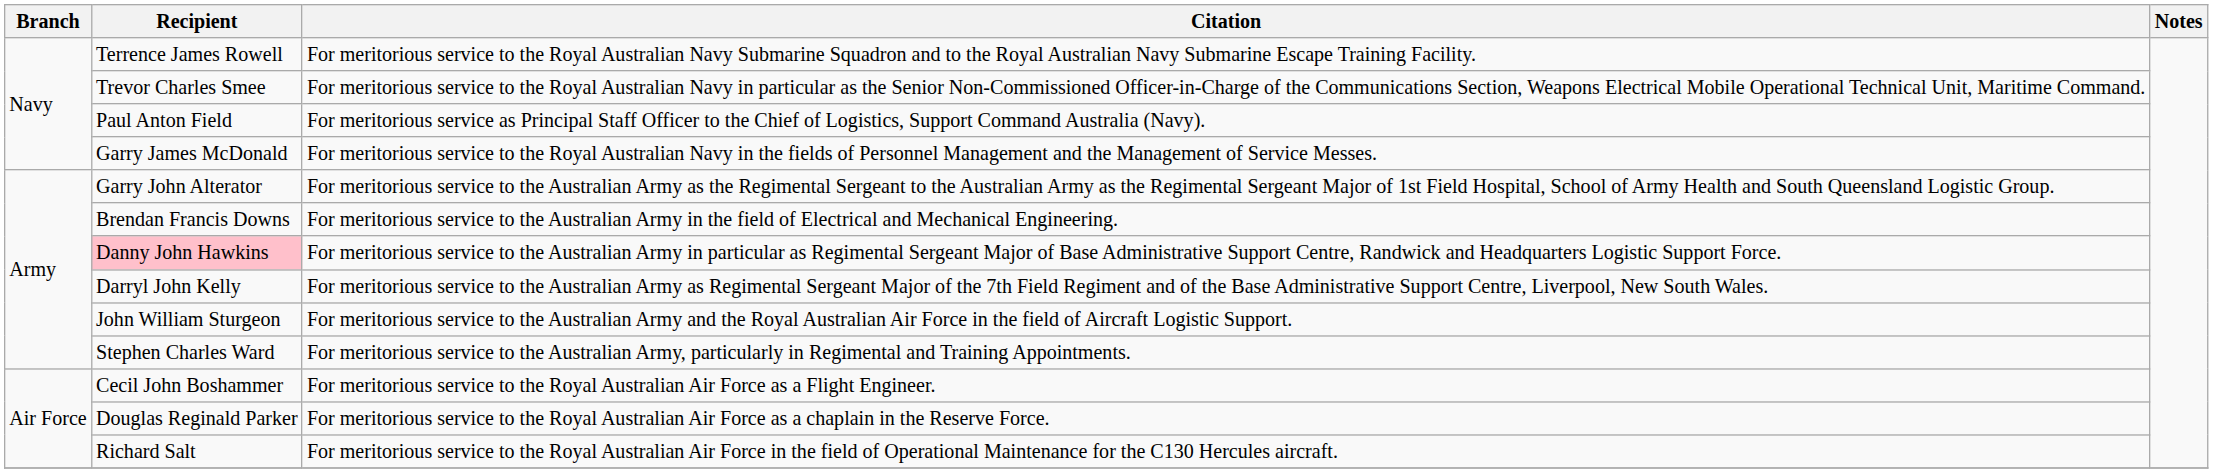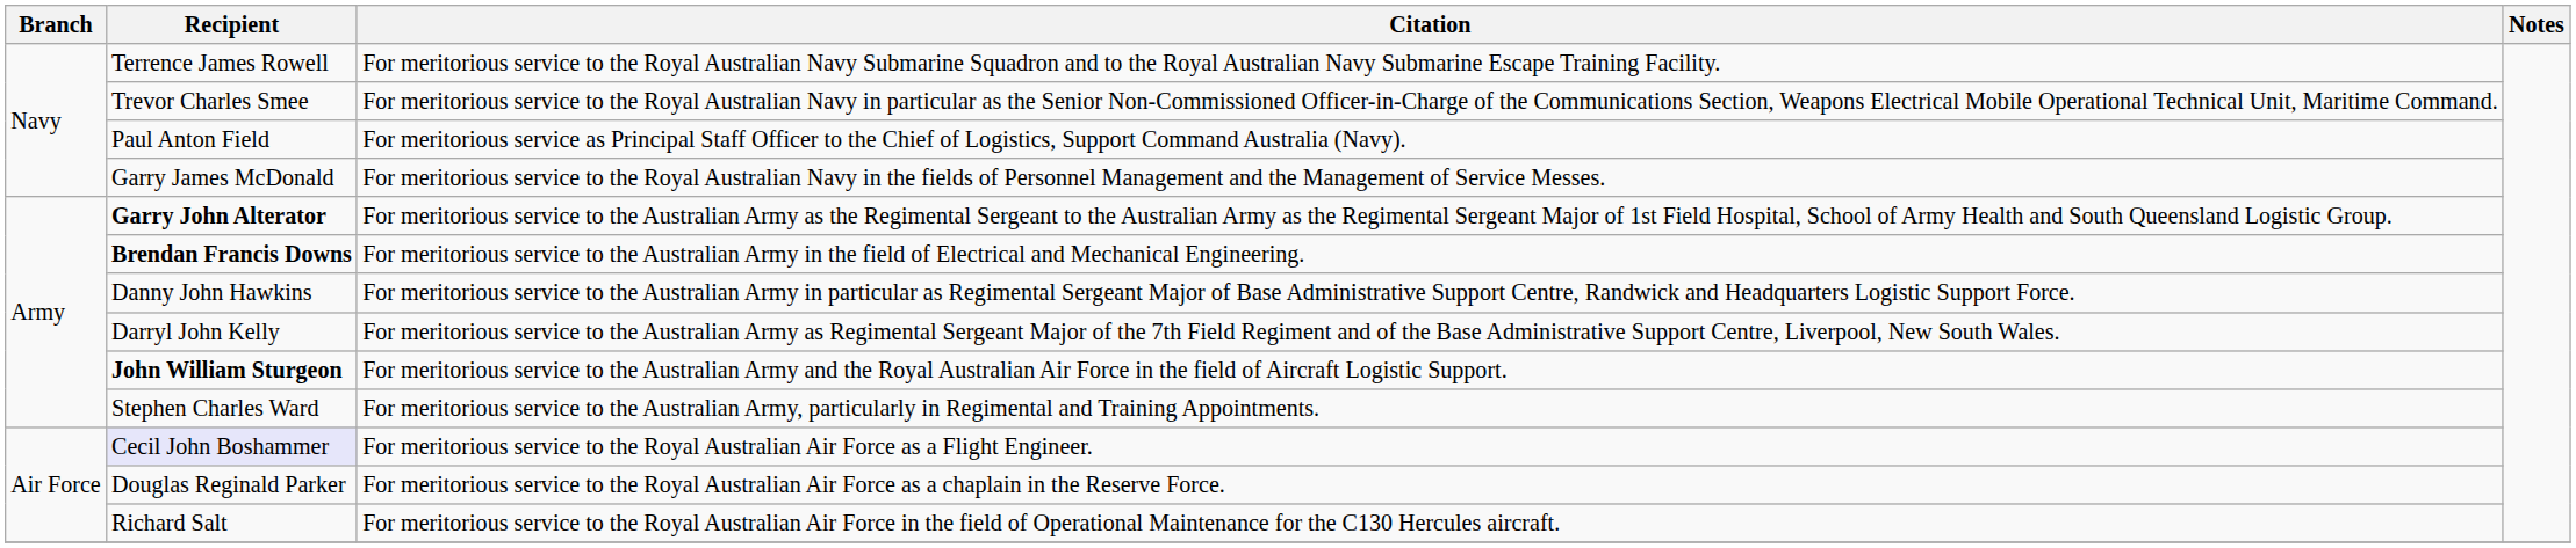 <table class="wikitable" style="font-size:95%;">
 <tr>
 <th>Branch</th>
 <th>Recipient</th>
 <th>Citation</th>
 <th>Notes</th>
 </tr>
 <tr>
 <td rowspan=4>Navy</td>
 <td> Terrence James Rowell</td>
 <td>For meritorious service to the Royal Australian Navy Submarine Squadron and to the Royal Australian Navy Submarine Escape Training Facility.</td>
 <td rowspan=13></td>
 </tr>
 <tr>
 <td> Trevor Charles Smee</td>
 <td>For meritorious service to the Royal Australian Navy in particular as the Senior Non-Commissioned Officer-in-Charge of the Communications Section, Weapons Electrical Mobile Operational Technical Unit, Maritime Command.</td>
 </tr>
 <tr>
 <td> Paul Anton Field</td>
 <td>For meritorious service as Principal Staff Officer to the Chief of Logistics, Support Command Australia (Navy).</td>
 </tr>
 <tr>
 <td> Garry James McDonald</td>
 <td>For meritorious service to the Royal Australian Navy in the fields of Personnel Management and the Management of Service Messes.</td>
 </tr>
 <tr>
 <td rowspan=6>Army</td>
-<td> Garry John Alterator</td>
+<td><strong> Garry John Alterator</strong></td>
 <td>For meritorious service to the Australian Army as the Regimental Sergeant to the Australian Army as the Regimental Sergeant Major of 1st Field Hospital, School of Army Health and South Queensland Logistic Group.</td>
 </tr>
 <tr>
-<td> Brendan Francis Downs</td>
+<td><strong> Brendan Francis Downs</strong></td>
 <td>For meritorious service to the Australian Army in the field of Electrical and Mechanical Engineering.</td>
 </tr>
 <tr>
-<td style="background: pink;"> Danny John Hawkins</td>
+<td> Danny John Hawkins</td>
 <td>For meritorious service to the Australian Army in particular as Regimental Sergeant Major of Base Administrative Support Centre, Randwick and Headquarters Logistic Support Force.</td>
 </tr>
 <tr>
 <td> Darryl John Kelly</td>
 <td>For meritorious service to the Australian Army as Regimental Sergeant Major of the 7th Field Regiment and of the Base Administrative Support Centre, Liverpool, New South Wales.</td>
 </tr>
 <tr>
-<td> John William Sturgeon</td>
+<td><strong> John William Sturgeon</strong></td>
 <td>For meritorious service to the Australian Army and the Royal Australian Air Force in the field of Aircraft Logistic Support.</td>
 </tr>
 <tr>
 <td> Stephen Charles Ward</td>
 <td>For meritorious service to the Australian Army, particularly in Regimental and Training Appointments.</td>
 </tr>
 <tr>
 <td rowspan=3>Air Force</td>
-<td> Cecil John Boshammer</td>
+<td style="background: lavender;"> Cecil John Boshammer</td>
 <td>For meritorious service to the Royal Australian Air Force as a Flight Engineer.</td>
 </tr>
 <tr>
 <td> Douglas Reginald Parker </td>
 <td>For meritorious service to the Royal Australian Air Force as a chaplain in the Reserve Force.</td>
 </tr>
 <tr>
 <td> Richard Salt</td>
 <td>For meritorious service to the Royal Australian Air Force in the field of Operational Maintenance for the C130 Hercules aircraft.</td>
 </tr>
 <tr>
 </tr>
 </table>
